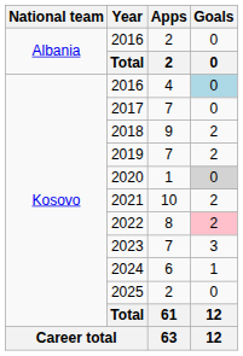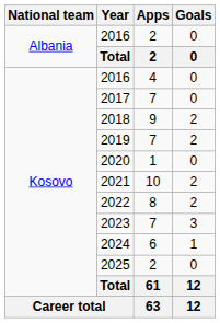 <table class="wikitable" style="text-align:center">
 <tr>
 <th>National team</th>
 <th>Year</th>
 <th>Apps</th>
 <th>Goals</th>
 </tr>
 <tr>
 <td rowspan="2"><a href='#'>Albania</a></td>
 <td>2016</td>
 <td>2</td>
 <td>0</td>
 </tr>
 <tr>
 <th>Total</th>
 <th>2</th>
 <th>0</th>
 </tr>
 <tr>
 <td rowspan="11"><a href='#'>Kosovo</a></td>
 <td>2016</td>
 <td>4</td>
-<td style="background: lightblue;">0</td>
+<td>0</td>
 </tr>
 <tr>
 <td>2017</td>
 <td>7</td>
 <td>0</td>
 </tr>
 <tr>
 <td>2018</td>
 <td>9</td>
 <td>2</td>
 </tr>
 <tr>
 <td>2019</td>
 <td>7</td>
 <td>2</td>
 </tr>
 <tr>
 <td>2020</td>
 <td>1</td>
-<td style="background: lightgrey;">0</td>
+<td>0</td>
 </tr>
 <tr>
 <td>2021</td>
 <td>10</td>
 <td>2</td>
 </tr>
 <tr>
 <td>2022</td>
 <td>8</td>
-<td style="background: pink;">2</td>
+<td>2</td>
 </tr>
 <tr>
 <td>2023</td>
 <td>7</td>
 <td>3</td>
 </tr>
 <tr>
 <td>2024</td>
 <td>6</td>
 <td>1</td>
 </tr>
 <tr>
 <td>2025</td>
 <td>2</td>
 <td>0</td>
 </tr>
 <tr>
 <th>Total</th>
 <th>61</th>
 <th>12</th>
 </tr>
 <tr>
 <th colspan="2">Career total</th>
 <th>63</th>
 <th>12</th>
 </tr>
 </table>
